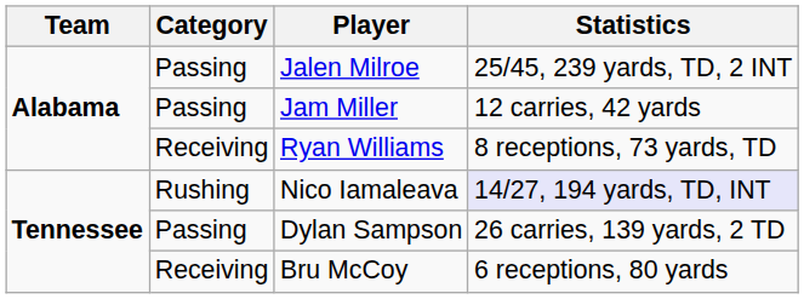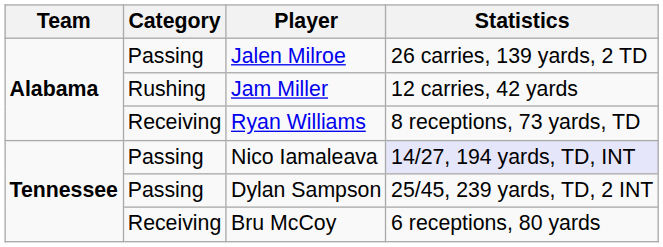 <table class="wikitable" style="float: right;">
 <tr>
 <th>Team</th>
 <th>Category</th>
 <th>Player</th>
 <th>Statistics</th>
 </tr>
 <tr>
 <td rowspan=3><strong>Alabama</strong></td>
 <td>Passing</td>
 <td><a href='#'>Jalen Milroe</a></td>
-<td>25/45, 239 yards, TD, 2 INT</td>
+<td>26 carries, 139 yards, 2 TD</td>
 </tr>
 <tr>
-<td>Passing</td>
+<td>Rushing</td>
 <td><a href='#'>Jam Miller</a></td>
 <td>12 carries, 42 yards</td>
 </tr>
 <tr>
 <td>Receiving</td>
 <td><a href='#'>Ryan Williams</a></td>
 <td>8 receptions, 73 yards, TD</td>
 </tr>
 <tr>
 <td rowspan=3><strong>Tennessee</strong></td>
-<td>Rushing</td>
+<td>Passing</td>
 <td>Nico Iamaleava</td>
 <td style="background: lavender;">14/27, 194 yards, TD, INT</td>
 </tr>
 <tr>
 <td>Passing</td>
 <td>Dylan Sampson</td>
-<td>26 carries, 139 yards, 2 TD</td>
+<td>25/45, 239 yards, TD, 2 INT</td>
 </tr>
 <tr>
 <td>Receiving</td>
 <td>Bru McCoy</td>
 <td>6 receptions, 80 yards</td>
 </tr>
 </table>
